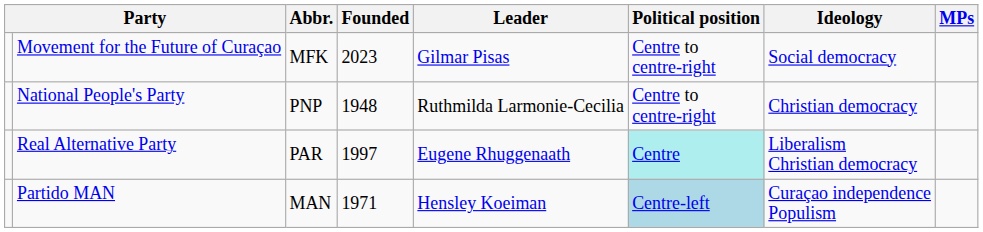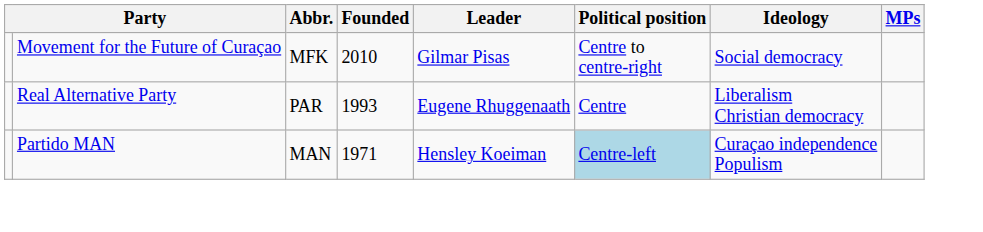 <table class=wikitable>
 <tr>
 <th colspan=2>Party</th>
 <th>Abbr.</th>
 <th>Founded</th>
 <th>Leader</th>
 <th>Political position</th>
 <th>Ideology</th>
 <th><a href='#'>MPs</a></th>
 </tr>
 <tr>
 <td style="background-color:"></td>
 <td><a href='#'>Movement for the Future of Curaçao</a><br><small></small><br><small></small></td>
 <td>MFK</td>
-<td>2023</td>
+<td>2010</td>
 <td><a href='#'>Gilmar Pisas</a></td>
 <td><a href='#'>Centre</a> to<br><a href='#'>centre-right</a></td>
 <td><a href='#'>Social democracy</a></td>
 <td></td>
 </tr>
 <tr>
 <td style="background-color:"></td>
-<td><a href='#'>National People's Party</a><br><small></small><br><small></small></td>
-<td>PNP</td>
-<td>1948</td>
-<td>Ruthmilda Larmonie-Cecilia</td>
-<td><a href='#'>Centre</a> to<br><a href='#'>centre-right</a></td>
-<td><a href='#'>Christian democracy</a></td>
-<td></td>
-</tr>
-<tr>
-<td style="background-color:"></td>
 <td><a href='#'>Real Alternative Party</a><br><small></small><br><small></small></td>
 <td>PAR</td>
-<td>1997</td>
+<td>1993</td>
 <td><a href='#'>Eugene Rhuggenaath</a></td>
-<td style="background: paleturquoise;"><a href='#'>Centre</a></td>
+<td><a href='#'>Centre</a></td>
 <td><a href='#'>Liberalism</a><br><a href='#'>Christian democracy</a></td>
 <td></td>
 </tr>
 <tr>
 <td style="background-color:"></td>
 <td><a href='#'>Partido MAN</a><br><small></small><br><small></small></td>
 <td>MAN</td>
 <td>1971</td>
 <td><a href='#'>Hensley Koeiman</a></td>
 <td style="background: lightblue;"><a href='#'>Centre-left</a></td>
 <td><a href='#'>Curaçao independence</a><br><a href='#'>Populism</a></td>
 <td></td>
 </tr>
 </table>
